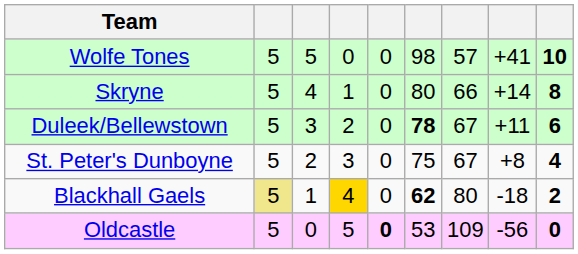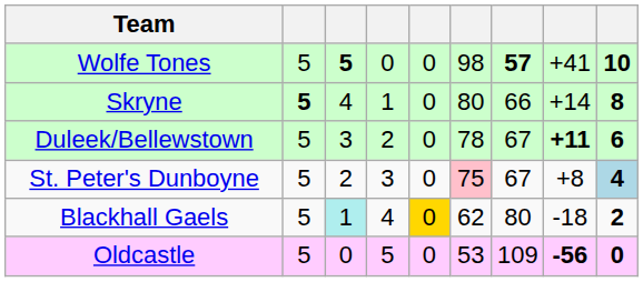 <table class="wikitable" style="text-align:center">
 <tr>
 <th style="width:175px;">Team</th>
 <th width="20"></th>
 <th width="20"></th>
 <th width="20"></th>
 <th width="20"></th>
 <th width="20"></th>
 <th width="20"></th>
 <th width="20"></th>
 <th width="20"></th>
 </tr>
 <tr style="background:#cfc;">
 <td><a href='#'>Wolfe Tones</a></td>
 <td>5</td>
-<td>5</td>
+<td><strong>5</strong></td>
 <td>0</td>
 <td>0</td>
 <td>98</td>
-<td>57</td>
+<td><strong>57</strong></td>
 <td>+41</td>
 <td><strong>10</strong></td>
 </tr>
 <tr style="background:#cfc;">
 <td><a href='#'>Skryne</a></td>
-<td>5</td>
+<td><strong>5</strong></td>
 <td>4</td>
 <td>1</td>
 <td>0</td>
 <td>80</td>
 <td>66</td>
 <td>+14</td>
 <td><strong>8</strong></td>
 </tr>
 <tr style="background:#cfc;">
 <td><a href='#'>Duleek/Bellewstown</a></td>
 <td>5</td>
 <td>3</td>
 <td>2</td>
 <td>0</td>
-<td><strong>78</strong></td>
+<td>78</td>
 <td>67</td>
-<td>+11</td>
+<td><strong>+11</strong></td>
 <td><strong>6</strong></td>
 </tr>
 <tr>
 <td><a href='#'>St. Peter's Dunboyne</a></td>
 <td>5</td>
 <td>2</td>
 <td>3</td>
 <td>0</td>
-<td>75</td>
+<td style="background: pink;">75</td>
 <td>67</td>
 <td>+8</td>
-<td><strong>4</strong></td>
+<td style="background: lightblue;"><strong>4</strong></td>
 </tr>
 <tr>
 <td><a href='#'>Blackhall Gaels</a></td>
-<td style="background: khaki;">5</td>
-<td>1</td>
-<td style="background: gold;">4</td>
-<td>0</td>
-<td><strong>62</strong></td>
+<td>5</td>
+<td style="background: paleturquoise;">1</td>
+<td>4</td>
+<td style="background: gold;">0</td>
+<td>62</td>
 <td>80</td>
 <td>-18</td>
 <td><strong>2</strong></td>
 </tr>
 <tr style="background:#fcf;">
 <td><a href='#'>Oldcastle</a></td>
 <td>5</td>
 <td>0</td>
 <td>5</td>
-<td><strong>0</strong></td>
+<td>0</td>
 <td>53</td>
 <td>109</td>
-<td>-56</td>
+<td><strong>-56</strong></td>
 <td><strong>0</strong></td>
 </tr>
 </table>
